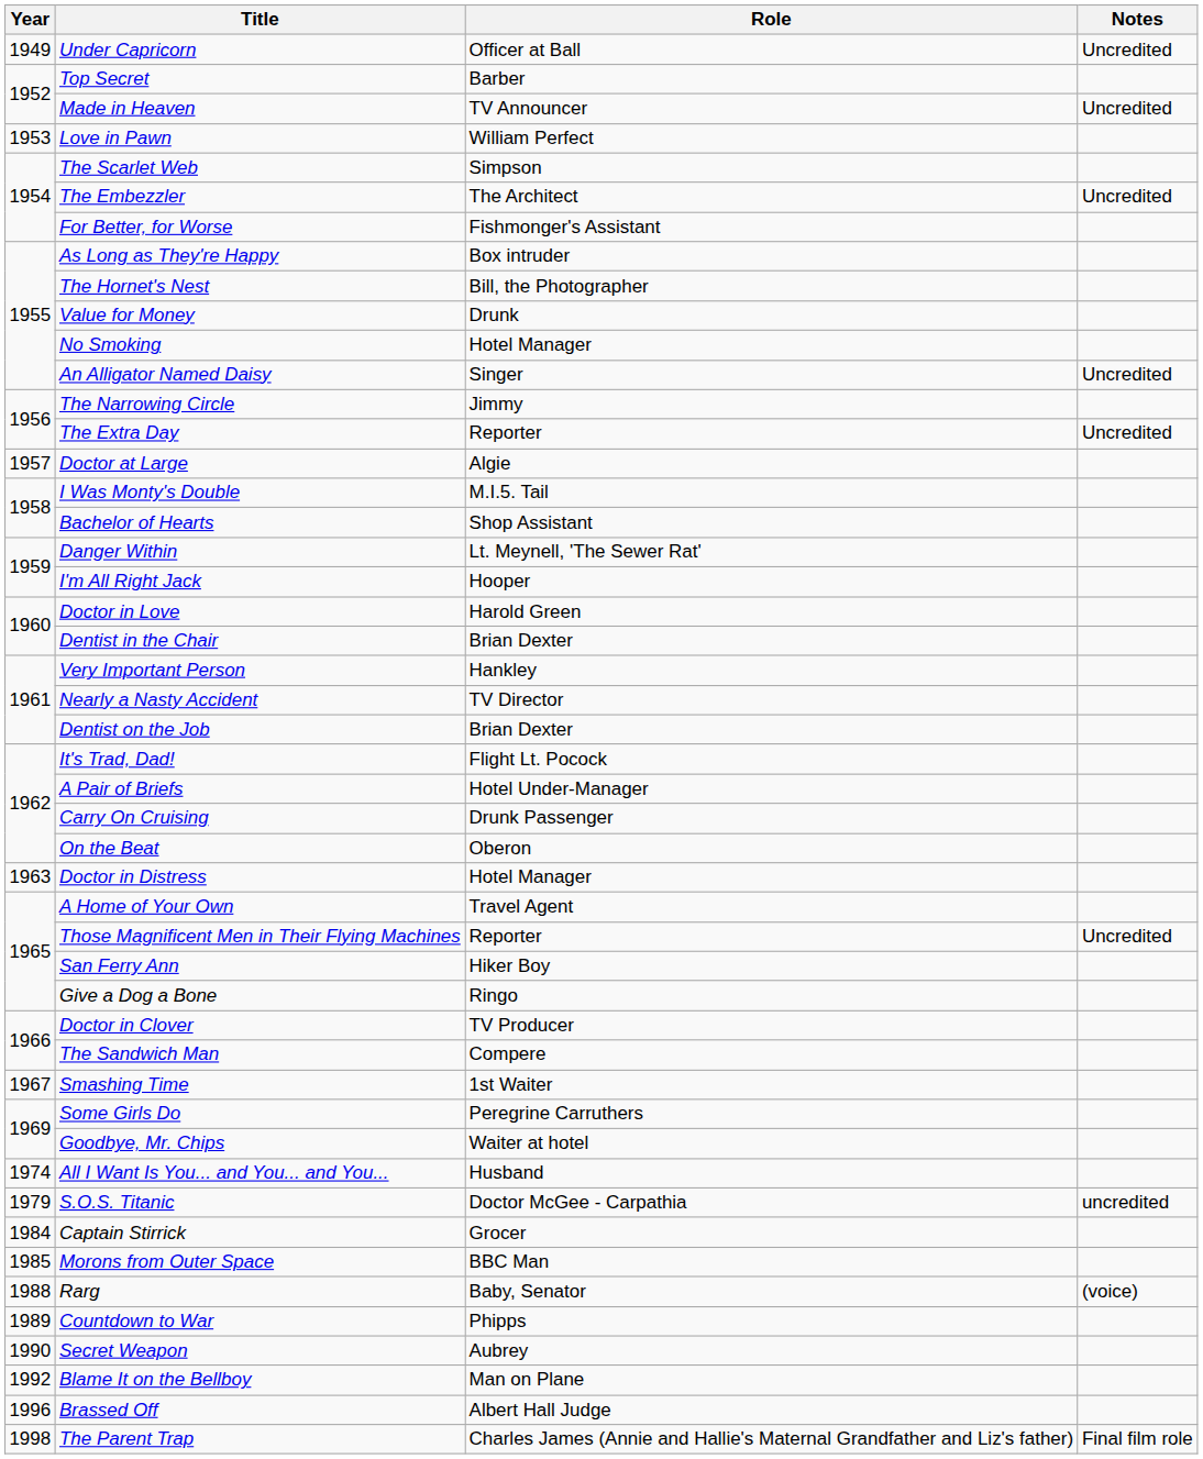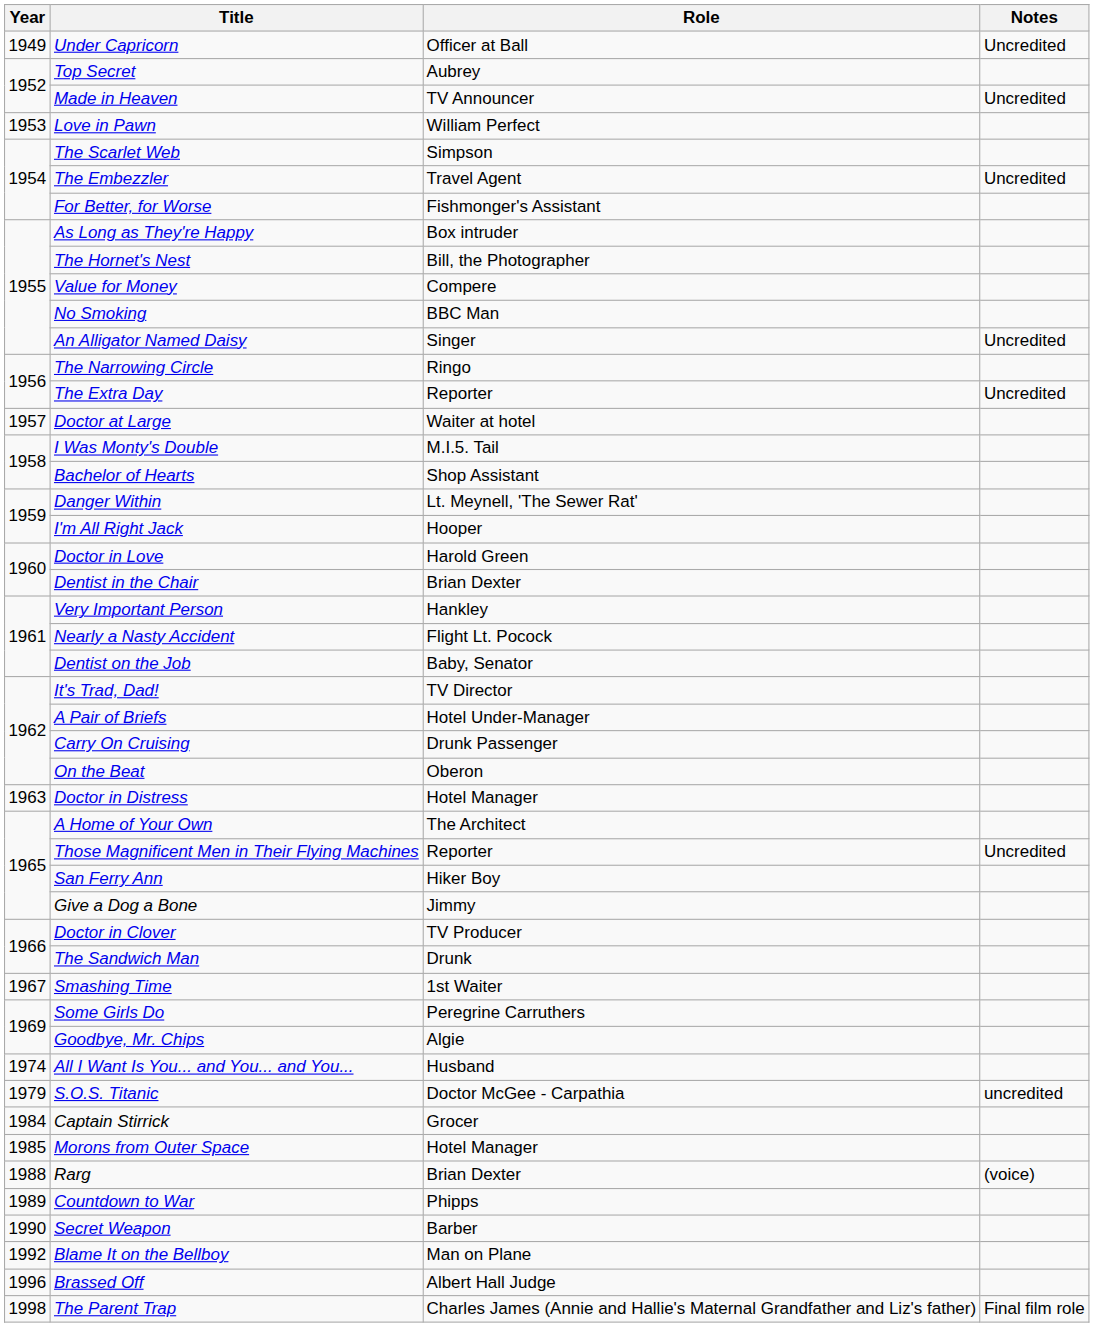 <table class="wikitable sortable">
 <tr>
 <th>Year</th>
 <th>Title</th>
 <th>Role</th>
 <th class = "unsortable">Notes</th>
 </tr>
 <tr>
 <td>1949</td>
 <td><em><a href='#'>Under Capricorn</a></em></td>
 <td>Officer at Ball</td>
 <td>Uncredited</td>
 </tr>
 <tr>
 <td rowspan=2>1952</td>
 <td><em><a href='#'>Top Secret</a></em></td>
-<td>Barber</td>
+<td>Aubrey</td>
 <td></td>
 </tr>
 <tr>
 <td><em><a href='#'>Made in Heaven</a></em></td>
 <td>TV Announcer</td>
 <td>Uncredited</td>
 </tr>
 <tr>
 <td>1953</td>
 <td><em><a href='#'>Love in Pawn</a></em></td>
 <td>William Perfect</td>
 <td></td>
 </tr>
 <tr>
 <td rowspan=3>1954</td>
 <td><em><a href='#'>The Scarlet Web</a></em></td>
 <td>Simpson</td>
 <td></td>
 </tr>
 <tr>
 <td><em><a href='#'>The Embezzler</a></em></td>
-<td>The Architect</td>
+<td>Travel Agent</td>
 <td>Uncredited</td>
 </tr>
 <tr>
 <td><em><a href='#'>For Better, for Worse</a></em></td>
 <td>Fishmonger's Assistant</td>
 <td></td>
 </tr>
 <tr>
 <td rowspan=5>1955</td>
 <td><em><a href='#'>As Long as They're Happy</a></em></td>
 <td>Box intruder</td>
 <td></td>
 </tr>
 <tr>
 <td><em><a href='#'>The Hornet's Nest</a></em></td>
 <td>Bill, the Photographer</td>
 <td></td>
 </tr>
 <tr>
 <td><em><a href='#'>Value for Money</a></em></td>
-<td>Drunk</td>
+<td>Compere</td>
 <td></td>
 </tr>
 <tr>
 <td><em><a href='#'>No Smoking</a></em></td>
-<td>Hotel Manager</td>
+<td>BBC Man</td>
 <td></td>
 </tr>
 <tr>
 <td><em><a href='#'>An Alligator Named Daisy</a></em></td>
 <td>Singer</td>
 <td>Uncredited</td>
 </tr>
 <tr>
 <td rowspan=2>1956</td>
 <td><em><a href='#'>The Narrowing Circle</a></em></td>
-<td>Jimmy</td>
+<td>Ringo</td>
 <td></td>
 </tr>
 <tr>
 <td><em><a href='#'>The Extra Day</a></em></td>
 <td>Reporter</td>
 <td>Uncredited</td>
 </tr>
 <tr>
 <td>1957</td>
 <td><em><a href='#'>Doctor at Large</a></em></td>
-<td>Algie</td>
+<td>Waiter at hotel</td>
 <td></td>
 </tr>
 <tr>
 <td rowspan=2>1958</td>
 <td><em><a href='#'>I Was Monty's Double</a></em></td>
 <td>M.I.5. Tail</td>
 <td></td>
 </tr>
 <tr>
 <td><em><a href='#'>Bachelor of Hearts</a></em></td>
 <td>Shop Assistant</td>
 <td></td>
 </tr>
 <tr>
 <td rowspan=2>1959</td>
 <td><em><a href='#'>Danger Within</a></em></td>
 <td>Lt. Meynell, 'The Sewer Rat'</td>
 <td></td>
 </tr>
 <tr>
 <td><em><a href='#'>I'm All Right Jack</a></em></td>
 <td>Hooper</td>
 <td></td>
 </tr>
 <tr>
 <td rowspan=2>1960</td>
 <td><em><a href='#'>Doctor in Love</a></em></td>
 <td>Harold Green</td>
 <td></td>
 </tr>
 <tr>
 <td><em><a href='#'>Dentist in the Chair</a></em></td>
 <td>Brian Dexter</td>
 <td></td>
 </tr>
 <tr>
 <td rowspan=3>1961</td>
 <td><em><a href='#'>Very Important Person</a></em></td>
 <td>Hankley</td>
 <td></td>
 </tr>
 <tr>
 <td><em><a href='#'>Nearly a Nasty Accident</a></em></td>
-<td>TV Director</td>
+<td>Flight Lt. Pocock</td>
 <td></td>
 </tr>
 <tr>
 <td><em><a href='#'>Dentist on the Job</a></em></td>
-<td>Brian Dexter</td>
+<td>Baby, Senator</td>
 <td></td>
 </tr>
 <tr>
 <td rowspan=4>1962</td>
 <td><em><a href='#'>It's Trad, Dad!</a></em></td>
-<td>Flight Lt. Pocock</td>
+<td>TV Director</td>
 <td></td>
 </tr>
 <tr>
 <td><em><a href='#'>A Pair of Briefs</a></em></td>
 <td>Hotel Under-Manager</td>
 <td></td>
 </tr>
 <tr>
 <td><em><a href='#'>Carry On Cruising</a></em></td>
 <td>Drunk Passenger</td>
 <td></td>
 </tr>
 <tr>
 <td><em><a href='#'>On the Beat</a></em></td>
 <td>Oberon</td>
 <td></td>
 </tr>
 <tr>
 <td>1963</td>
 <td><em><a href='#'>Doctor in Distress</a></em></td>
 <td>Hotel Manager</td>
 <td></td>
 </tr>
 <tr>
 <td rowspan=4>1965</td>
 <td><em><a href='#'>A Home of Your Own</a></em></td>
-<td>Travel Agent</td>
+<td>The Architect</td>
 <td></td>
 </tr>
 <tr>
 <td><em><a href='#'>Those Magnificent Men in Their Flying Machines</a></em></td>
 <td>Reporter</td>
 <td>Uncredited</td>
 </tr>
 <tr>
 <td><em><a href='#'>San Ferry Ann</a></em></td>
 <td>Hiker Boy</td>
 <td></td>
 </tr>
 <tr>
 <td><em>Give a Dog a Bone</em></td>
-<td>Ringo</td>
+<td>Jimmy</td>
 <td></td>
 </tr>
 <tr>
 <td rowspan=2>1966</td>
 <td><em><a href='#'>Doctor in Clover</a></em></td>
 <td>TV Producer</td>
 <td></td>
 </tr>
 <tr>
 <td><em><a href='#'>The Sandwich Man</a></em></td>
-<td>Compere</td>
+<td>Drunk</td>
 <td></td>
 </tr>
 <tr>
 <td>1967</td>
 <td><em><a href='#'>Smashing Time</a></em></td>
 <td>1st Waiter</td>
 <td></td>
 </tr>
 <tr>
 <td rowspan=2>1969</td>
 <td><em><a href='#'>Some Girls Do</a></em></td>
 <td>Peregrine Carruthers</td>
 <td></td>
 </tr>
 <tr>
 <td><em><a href='#'>Goodbye, Mr. Chips</a></em></td>
-<td>Waiter at hotel</td>
+<td>Algie</td>
 <td></td>
 </tr>
 <tr>
 <td>1974</td>
 <td><em><a href='#'>All I Want Is You... and You... and You...</a></em></td>
 <td>Husband</td>
 <td></td>
 </tr>
 <tr>
 <td>1979</td>
 <td><em><a href='#'>S.O.S. Titanic</a></em></td>
 <td>Doctor McGee - Carpathia</td>
 <td>uncredited</td>
 </tr>
 <tr>
 <td>1984</td>
 <td><em>Captain Stirrick</em></td>
 <td>Grocer</td>
 <td></td>
 </tr>
 <tr>
 <td>1985</td>
 <td><em><a href='#'>Morons from Outer Space</a></em></td>
-<td>BBC Man</td>
+<td>Hotel Manager</td>
 <td></td>
 </tr>
 <tr>
 <td>1988</td>
 <td><em>Rarg</em></td>
-<td>Baby, Senator</td>
+<td>Brian Dexter</td>
 <td>(voice)</td>
 </tr>
 <tr>
 <td>1989</td>
 <td><em><a href='#'>Countdown to War</a></em></td>
 <td>Phipps</td>
 <td></td>
 </tr>
 <tr>
 <td>1990</td>
 <td><em><a href='#'>Secret Weapon</a></em></td>
-<td>Aubrey</td>
+<td>Barber</td>
 <td></td>
 </tr>
 <tr>
 <td>1992</td>
 <td><em><a href='#'>Blame It on the Bellboy</a></em></td>
 <td>Man on Plane</td>
 <td></td>
 </tr>
 <tr>
 <td>1996</td>
 <td><em><a href='#'>Brassed Off</a></em></td>
 <td>Albert Hall Judge</td>
 <td></td>
 </tr>
 <tr>
 <td>1998</td>
 <td><em><a href='#'>The Parent Trap</a></em></td>
 <td>Charles James (Annie and Hallie's Maternal Grandfather and Liz's father)</td>
 <td>Final film role</td>
 </tr>
 </table>
